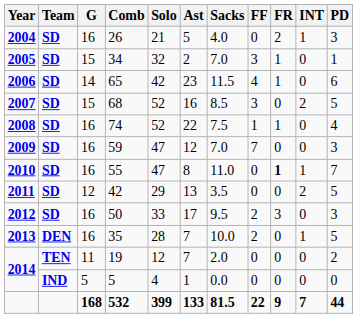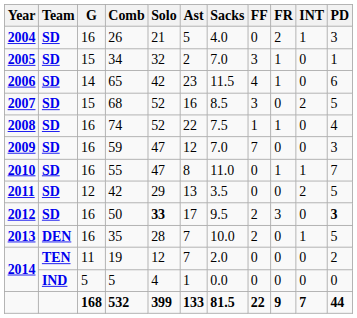 <table class="wikitable">
 <tr>
 <th>Year</th>
 <th>Team</th>
 <th>G</th>
 <th>Comb</th>
 <th>Solo</th>
 <th>Ast</th>
 <th>Sacks</th>
 <th>FF</th>
 <th>FR</th>
 <th>INT</th>
 <th>PD</th>
 </tr>
 <tr>
 <td><a href='#'><strong>2004</strong></a></td>
 <td><a href='#'><strong>SD</strong></a></td>
 <td>16</td>
 <td>26</td>
 <td>21</td>
 <td>5</td>
 <td>4.0</td>
 <td>0</td>
 <td>2</td>
 <td>1</td>
 <td>3</td>
 </tr>
 <tr>
 <td><a href='#'><strong>2005</strong></a></td>
 <td><a href='#'><strong>SD</strong></a></td>
 <td>15</td>
 <td>34</td>
 <td>32</td>
 <td>2</td>
 <td>7.0</td>
 <td>3</td>
 <td>1</td>
 <td>0</td>
 <td>1</td>
 </tr>
 <tr>
 <td><a href='#'><strong>2006</strong></a></td>
 <td><a href='#'><strong>SD</strong></a></td>
 <td>14</td>
 <td>65</td>
 <td>42</td>
 <td>23</td>
 <td>11.5</td>
 <td>4</td>
 <td>1</td>
 <td>0</td>
 <td>6</td>
 </tr>
 <tr>
 <td><a href='#'><strong>2007</strong></a></td>
 <td><a href='#'><strong>SD</strong></a></td>
 <td>15</td>
 <td>68</td>
 <td>52</td>
 <td>16</td>
 <td>8.5</td>
 <td>3</td>
 <td>0</td>
 <td>2</td>
 <td>5</td>
 </tr>
 <tr>
 <td><a href='#'><strong>2008</strong></a></td>
 <td><a href='#'><strong>SD</strong></a></td>
 <td>16</td>
 <td>74</td>
 <td>52</td>
 <td>22</td>
 <td>7.5</td>
 <td>1</td>
 <td>1</td>
 <td>0</td>
 <td>4</td>
 </tr>
 <tr>
 <td><a href='#'><strong>2009</strong></a></td>
 <td><a href='#'><strong>SD</strong></a></td>
 <td>16</td>
 <td>59</td>
 <td>47</td>
 <td>12</td>
 <td>7.0</td>
 <td>7</td>
 <td>0</td>
 <td>0</td>
 <td>3</td>
 </tr>
 <tr>
 <td><a href='#'><strong>2010</strong></a></td>
 <td><a href='#'><strong>SD</strong></a></td>
 <td>16</td>
 <td>55</td>
 <td>47</td>
 <td>8</td>
 <td>11.0</td>
 <td>0</td>
-<td><strong>1</strong></td>
+<td>1</td>
 <td>1</td>
 <td>7</td>
 </tr>
 <tr>
 <td><a href='#'><strong>2011</strong></a></td>
 <td><a href='#'><strong>SD</strong></a></td>
 <td>12</td>
 <td>42</td>
 <td>29</td>
 <td>13</td>
 <td>3.5</td>
 <td>0</td>
 <td>0</td>
 <td>2</td>
 <td>5</td>
 </tr>
 <tr>
 <td><a href='#'><strong>2012</strong></a></td>
 <td><a href='#'><strong>SD</strong></a></td>
 <td>16</td>
 <td>50</td>
-<td>33</td>
+<td><strong>33</strong></td>
 <td>17</td>
 <td>9.5</td>
 <td>2</td>
 <td>3</td>
 <td>0</td>
-<td>3</td>
+<td><strong>3</strong></td>
 </tr>
 <tr>
 <td><a href='#'><strong>2013</strong></a></td>
 <td><a href='#'><strong>DEN</strong></a></td>
 <td>16</td>
 <td>35</td>
 <td>28</td>
 <td>7</td>
 <td>10.0</td>
 <td>2</td>
 <td>0</td>
 <td>1</td>
 <td>5</td>
 </tr>
 <tr>
 <td rowspan="2"><a href='#'><strong>2014</strong></a></td>
 <td><a href='#'><strong>TEN</strong></a></td>
 <td>11</td>
 <td>19</td>
 <td>12</td>
 <td>7</td>
 <td>2.0</td>
 <td>0</td>
 <td>0</td>
 <td>0</td>
 <td>2</td>
 </tr>
 <tr>
 <td><a href='#'><strong>IND</strong></a></td>
 <td>5</td>
 <td>5</td>
 <td>4</td>
 <td>1</td>
 <td>0.0</td>
 <td>0</td>
 <td>0</td>
 <td>0</td>
 <td>0</td>
 </tr>
 <tr>
 <td></td>
 <td></td>
 <td><strong>168</strong></td>
 <td><strong>532</strong></td>
 <td><strong>399</strong></td>
 <td><strong>133</strong></td>
 <td><strong>81.5</strong></td>
 <td><strong>22</strong></td>
 <td><strong>9</strong></td>
 <td><strong>7</strong></td>
 <td><strong>44</strong></td>
 </tr>
 </table>
